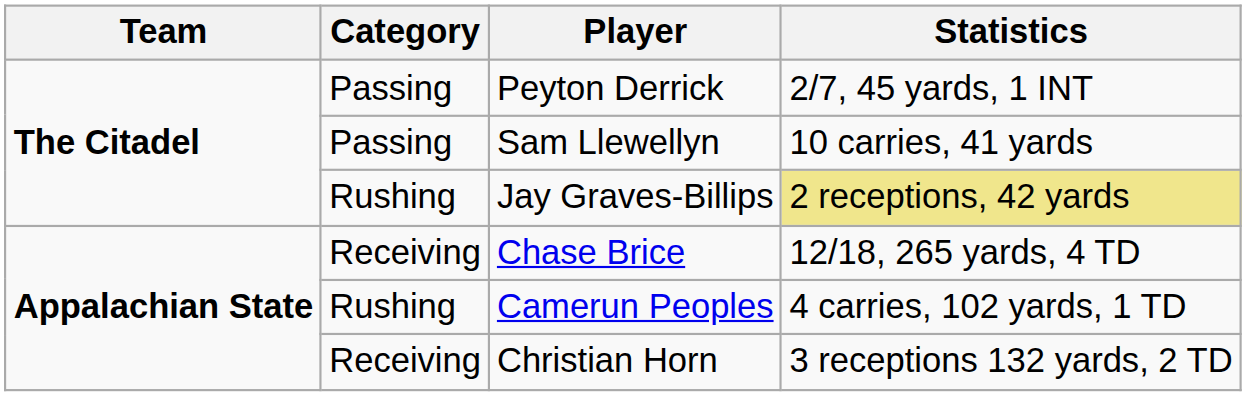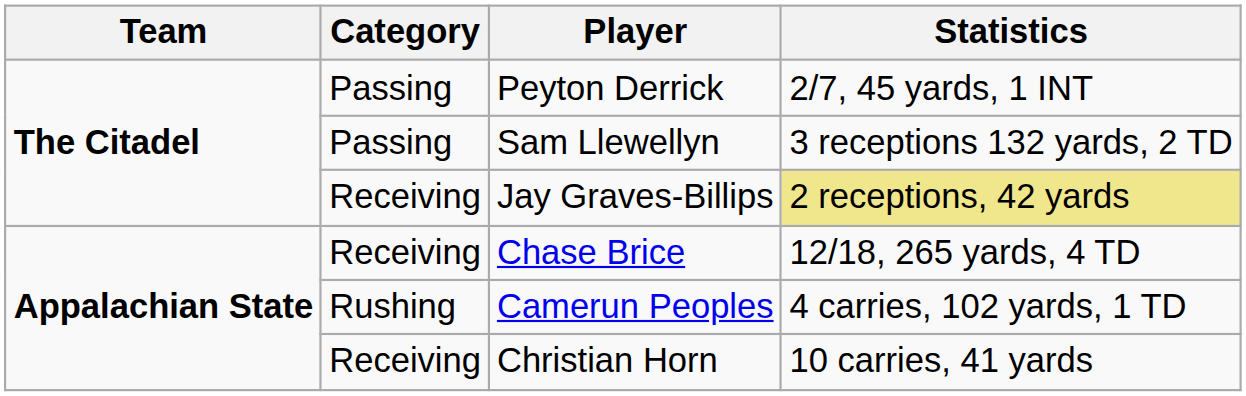 <table class="wikitable" style="float: right;">
 <tr>
 <th>Team</th>
 <th>Category</th>
 <th>Player</th>
 <th>Statistics</th>
 </tr>
 <tr>
 <td rowspan=3><strong>The Citadel</strong></td>
 <td>Passing</td>
 <td>Peyton Derrick</td>
 <td>2/7, 45 yards, 1 INT</td>
 </tr>
 <tr>
 <td>Passing</td>
 <td>Sam Llewellyn</td>
-<td>10 carries, 41 yards</td>
+<td>3 receptions 132 yards, 2 TD</td>
 </tr>
 <tr>
-<td>Rushing</td>
+<td>Receiving</td>
 <td>Jay Graves-Billips</td>
 <td style="background: khaki;">2 receptions, 42 yards</td>
 </tr>
 <tr>
 <td rowspan=3><strong>Appalachian State</strong></td>
 <td>Receiving</td>
 <td><a href='#'>Chase Brice</a></td>
 <td>12/18, 265 yards, 4 TD</td>
 </tr>
 <tr>
 <td>Rushing</td>
 <td><a href='#'>Camerun Peoples</a></td>
 <td>4 carries, 102 yards, 1 TD</td>
 </tr>
 <tr>
 <td>Receiving</td>
 <td>Christian Horn</td>
-<td>3 receptions 132 yards, 2 TD</td>
+<td>10 carries, 41 yards</td>
 </tr>
 </table>
